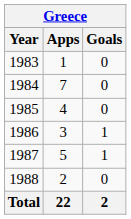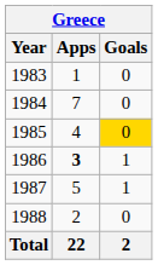 <table class="wikitable" style="text-align:center">
 <tr>
 <th colspan=3><a href='#'>Greece</a></th>
 </tr>
 <tr>
 <th>Year</th>
 <th>Apps</th>
 <th>Goals</th>
 </tr>
 <tr>
 <td>1983</td>
 <td>1</td>
 <td>0</td>
 </tr>
 <tr>
 <td>1984</td>
 <td>7</td>
 <td>0</td>
 </tr>
 <tr>
 <td>1985</td>
 <td>4</td>
-<td>0</td>
+<td style="background: gold;">0</td>
 </tr>
 <tr>
 <td>1986</td>
-<td>3</td>
+<td><strong>3</strong></td>
 <td>1</td>
 </tr>
 <tr>
 <td>1987</td>
 <td>5</td>
 <td>1</td>
 </tr>
 <tr>
 <td>1988</td>
 <td>2</td>
 <td>0</td>
 </tr>
 <tr>
 <th>Total</th>
 <th>22</th>
 <th>2</th>
 </tr>
 </table>
